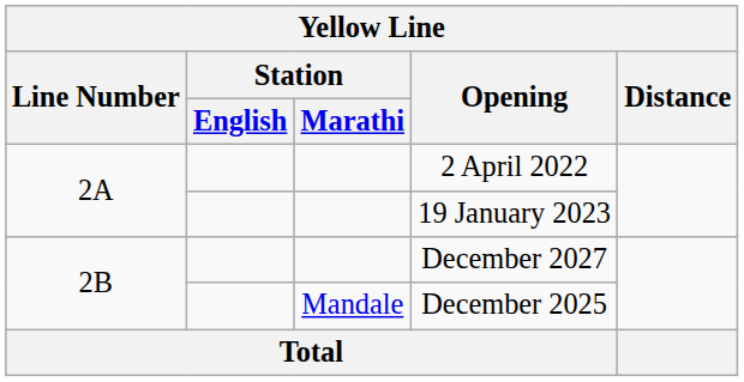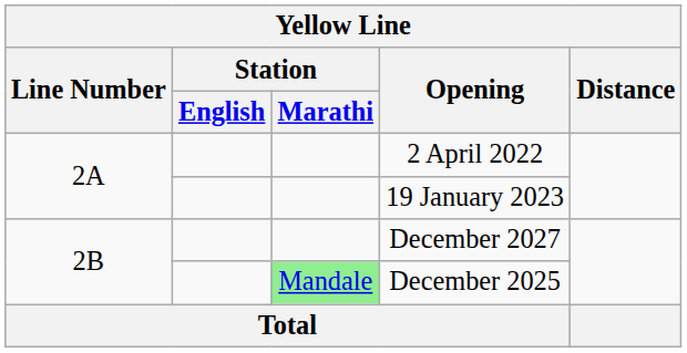 <table class="wikitable" style="text-align:center;margin:auto;">
 <tr>
 <th colspan="10" style="background:#"><span>Yellow Line</span></th>
 </tr>
 <tr>
 <th rowspan="2">Line Number</th>
 <th colspan="2">Station</th>
 <th rowspan="2">Opening</th>
 <th rowspan="2">Distance</th>
 </tr>
 <tr>
 <th><a href='#'>English</a></th>
 <th><a href='#'>Marathi</a></th>
 </tr>
 <tr>
 <td rowspan="2">2A</td>
 <td></td>
 <td></td>
 <td>2 April 2022</td>
 <td rowspan="2"></td>
 </tr>
 <tr>
 <td></td>
 <td></td>
 <td>19 January 2023</td>
 </tr>
 <tr>
 <td rowspan="2">2B</td>
 <td></td>
 <td></td>
 <td>December 2027</td>
 <td rowspan="2"></td>
 </tr>
 <tr>
 <td></td>
-<td><a href='#'>Mandale</a></td>
+<td style="background: lightgreen;"><a href='#'>Mandale</a></td>
 <td>December 2025</td>
 </tr>
 <tr>
 <th colspan="4">Total</th>
 <th></th>
 </tr>
 </table>
